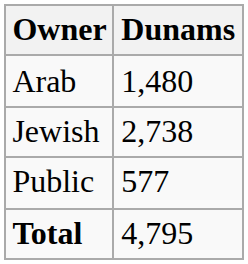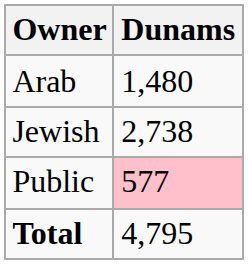 <table class="wikitable">
 <tr>
 <th>Owner</th>
 <th>Dunams</th>
 </tr>
 <tr>
 <td>Arab</td>
 <td>1,480</td>
 </tr>
 <tr>
 <td>Jewish</td>
 <td>2,738</td>
 </tr>
 <tr>
 <td>Public</td>
-<td>577</td>
+<td style="background: pink;">577</td>
 </tr>
 <tr>
 <td><strong>Total</strong></td>
 <td>4,795</td>
 </tr>
 <tr>
 </tr>
 </table>
